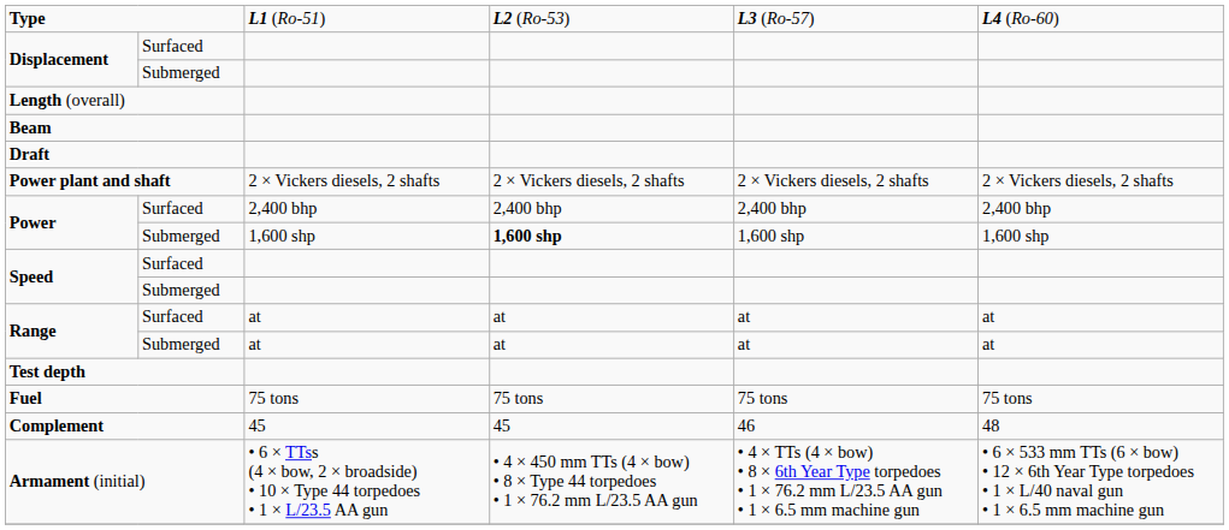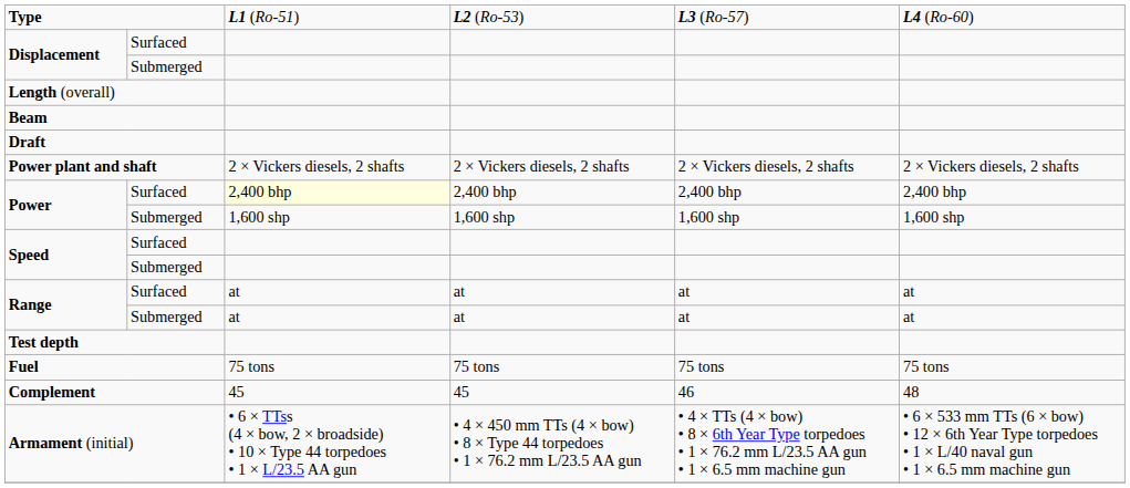 <table class="wikitable" width="90%">
 <tr>
 <td width="15%" colspan="2"><strong>Type</strong></td>
 <td width="16%"><strong><em>L1</em></strong> (<em>Ro-51</em>)</td>
 <td width="16%"><strong><em>L2</em></strong> (<em>Ro-53</em>)</td>
 <td width="16%"><strong><em>L3</em></strong> (<em>Ro-57</em>)</td>
 <td width="16%"><strong><em>L4</em></strong> (<em>Ro-60</em>)</td>
 </tr>
 <tr>
 <td rowspan="2"><strong>Displacement</strong></td>
 <td>Surfaced</td>
 <td></td>
 <td></td>
 <td></td>
 <td></td>
 </tr>
 <tr>
 <td>Submerged</td>
 <td></td>
 <td></td>
 <td></td>
 <td></td>
 </tr>
 <tr>
 <td colspan="2"><strong>Length</strong> (overall)</td>
 <td></td>
 <td></td>
 <td></td>
 <td></td>
 </tr>
 <tr>
 <td colspan="2"><strong>Beam</strong></td>
 <td></td>
 <td></td>
 <td></td>
 <td></td>
 </tr>
 <tr>
 <td colspan="2"><strong>Draft</strong></td>
 <td></td>
 <td></td>
 <td></td>
 <td></td>
 </tr>
 <tr>
 <td colspan="2"><strong>Power plant and shaft</strong></td>
 <td>2 × Vickers diesels, 2 shafts</td>
 <td>2 × Vickers diesels, 2 shafts</td>
 <td>2 × Vickers diesels, 2 shafts</td>
 <td>2 × Vickers diesels, 2 shafts</td>
 </tr>
 <tr>
 <td rowspan="2"><strong>Power</strong></td>
 <td>Surfaced</td>
-<td>2,400 bhp</td>
+<td style="background: lightyellow;">2,400 bhp</td>
 <td>2,400 bhp</td>
 <td>2,400 bhp</td>
 <td>2,400 bhp</td>
 </tr>
 <tr>
 <td>Submerged</td>
 <td>1,600 shp</td>
-<td><strong>1,600 shp</strong></td>
+<td>1,600 shp</td>
 <td>1,600 shp</td>
 <td>1,600 shp</td>
 </tr>
 <tr>
 <td rowspan="2"><strong>Speed</strong></td>
 <td>Surfaced</td>
 <td></td>
 <td></td>
 <td></td>
 <td></td>
 </tr>
 <tr>
 <td>Submerged</td>
 <td></td>
 <td></td>
 <td></td>
 <td></td>
 </tr>
 <tr>
 <td rowspan="2"><strong>Range</strong></td>
 <td>Surfaced</td>
 <td> at </td>
 <td> at </td>
 <td> at </td>
 <td> at </td>
 </tr>
 <tr>
 <td>Submerged</td>
 <td> at </td>
 <td> at </td>
 <td> at </td>
 <td> at </td>
 </tr>
 <tr>
 <td colspan="2"><strong>Test depth</strong></td>
 <td></td>
 <td></td>
 <td></td>
 <td></td>
 </tr>
 <tr>
 <td colspan="2"><strong>Fuel</strong></td>
 <td>75 tons</td>
 <td>75 tons</td>
 <td>75 tons</td>
 <td>75 tons</td>
 </tr>
 <tr>
 <td colspan="2"><strong>Complement</strong></td>
 <td>45</td>
 <td>45</td>
 <td>46</td>
 <td>48</td>
 </tr>
 <tr>
 <td colspan="2"><strong>Armament</strong> (initial)</td>
 <td>• 6 ×  <a href='#'>TTs</a>s<br>(4 × bow, 2 × broadside)<br>• 10 × Type 44 torpedoes<br>• 1 × <a href='#'></a> <a href='#'>L/23.5</a> AA gun</td>
 <td>• 4 × 450 mm TTs (4 × bow)<br>• 8 × Type 44 torpedoes<br>• 1 × 76.2 mm L/23.5 AA gun</td>
 <td>• 4 ×  TTs (4 × bow)<br>• 8 × <a href='#'>6th Year Type</a> torpedoes<br>• 1 × 76.2 mm L/23.5 AA gun<br>• 1 × 6.5 mm machine gun</td>
 <td>• 6 × 533 mm TTs (6 × bow)<br>• 12 × 6th Year Type torpedoes<br>• 1 × <a href='#'></a> L/40 naval gun<br>• 1 × 6.5 mm machine gun</td>
 </tr>
 <tr>
 </tr>
 </table>
